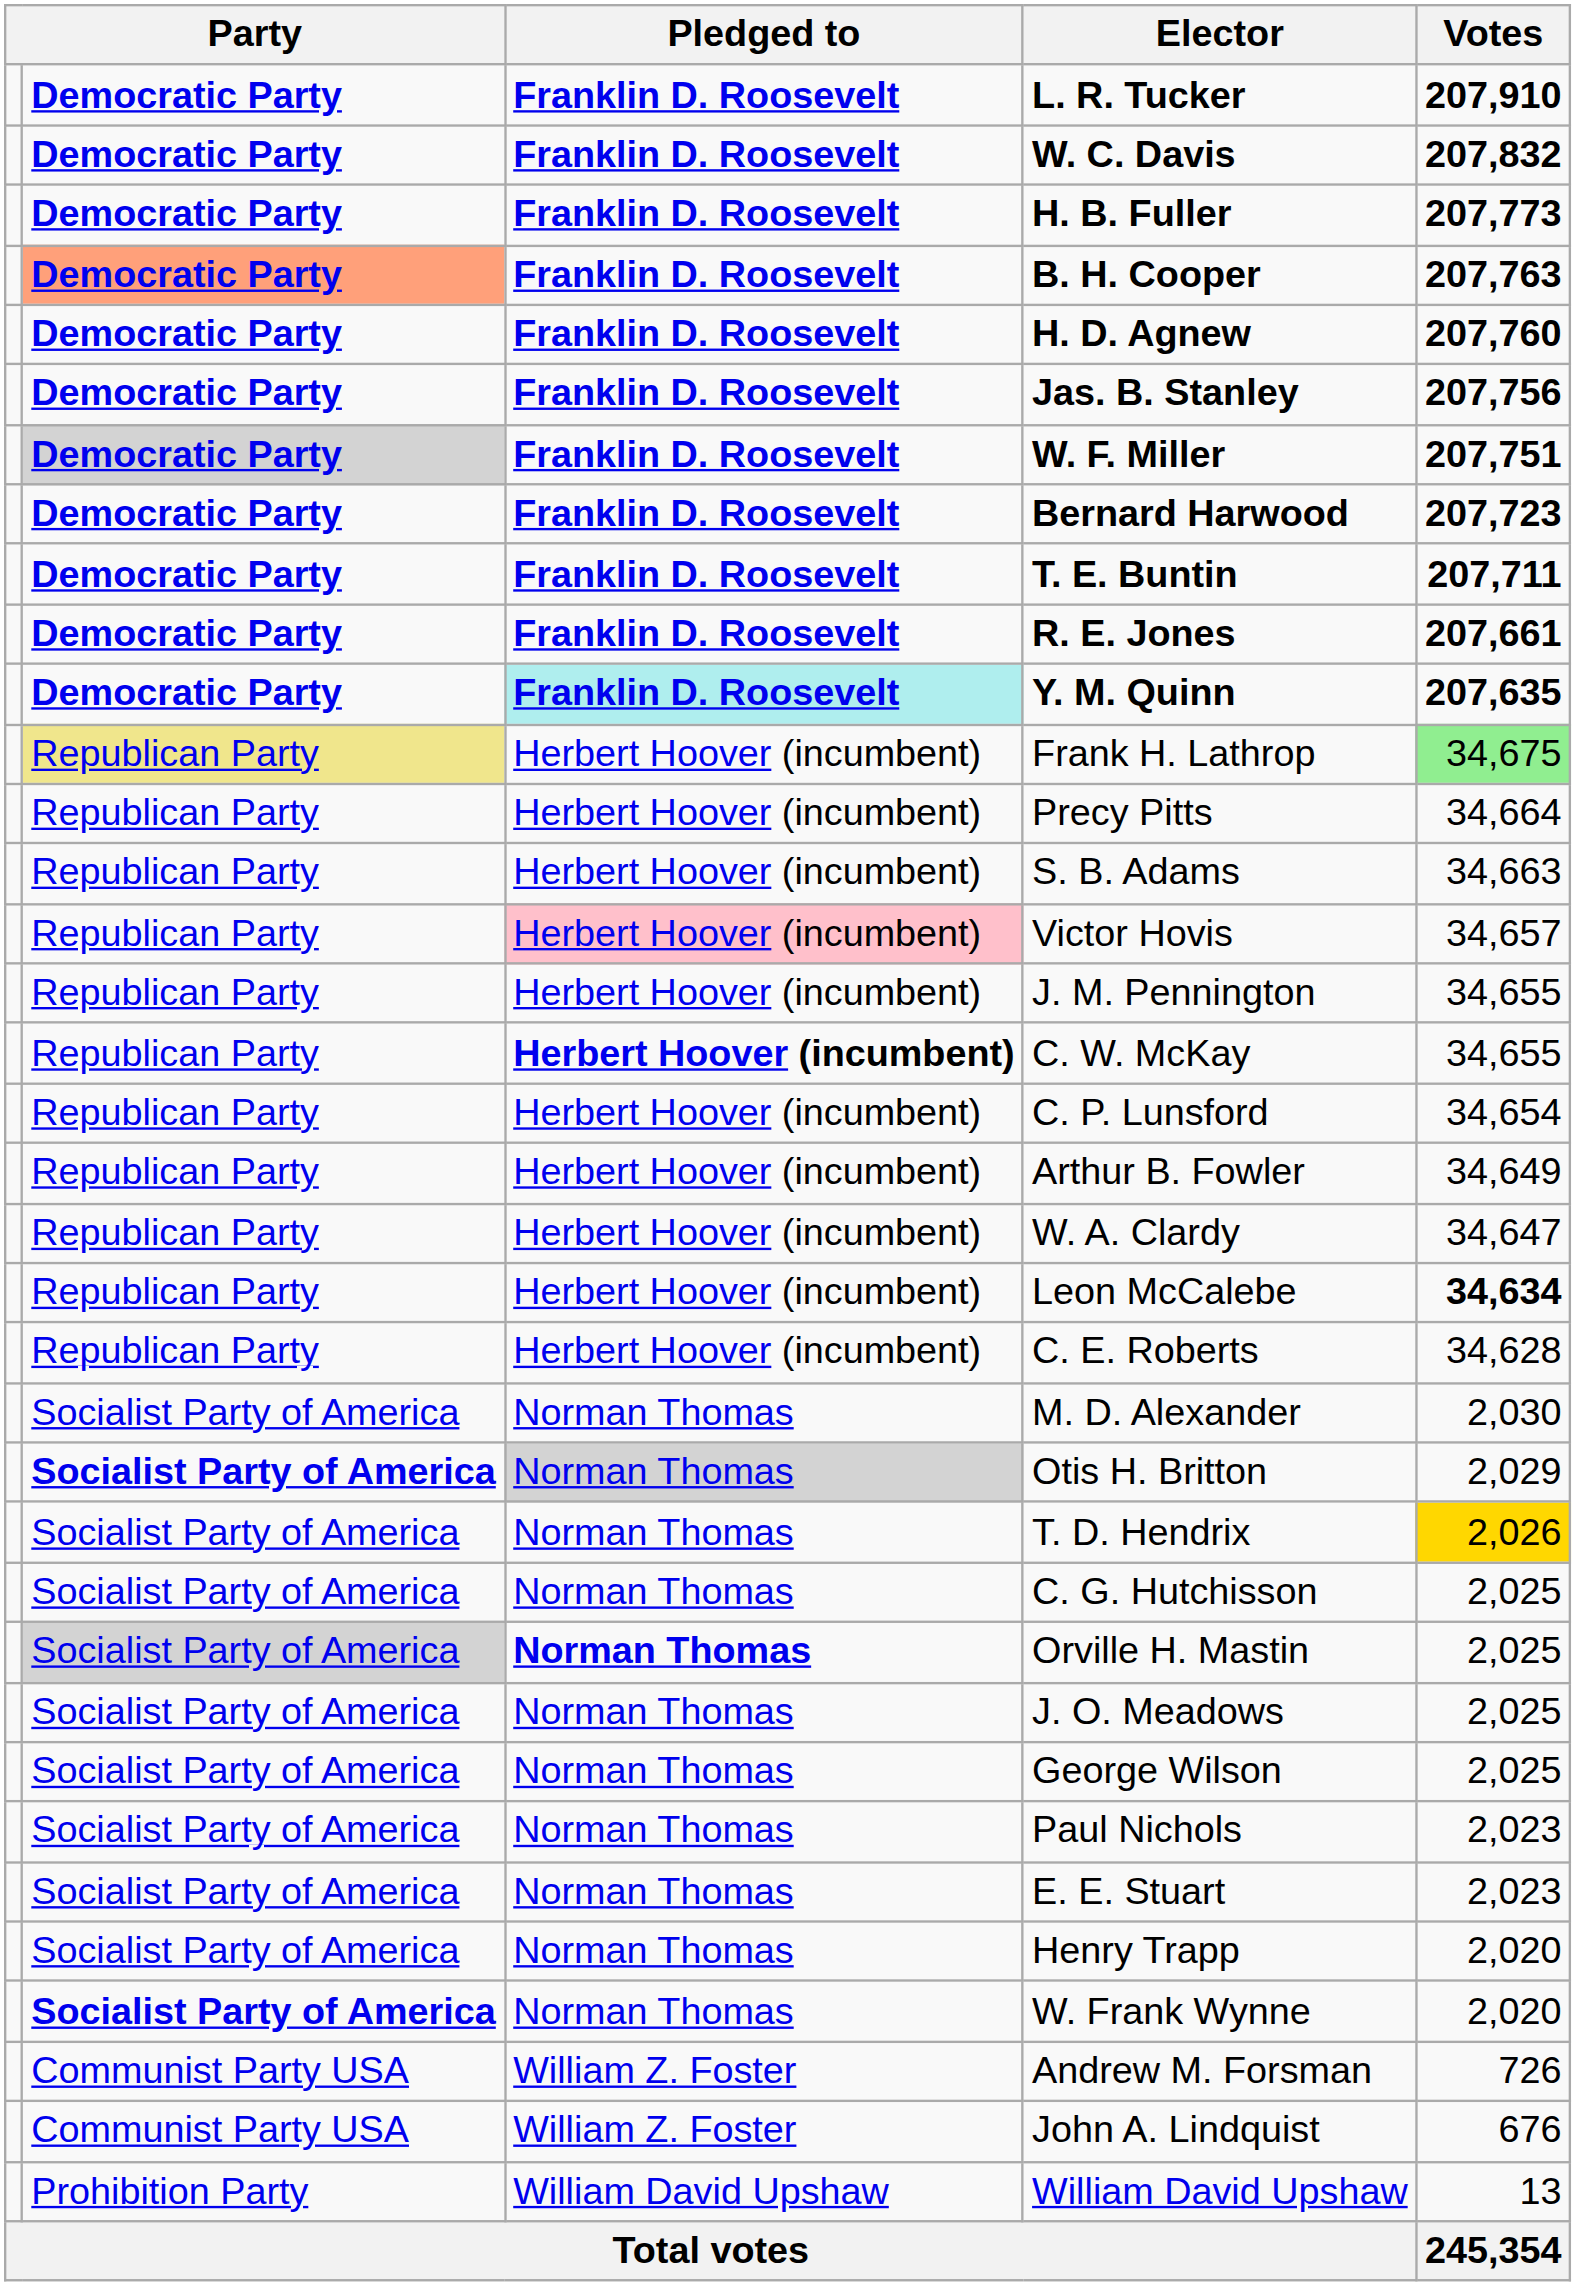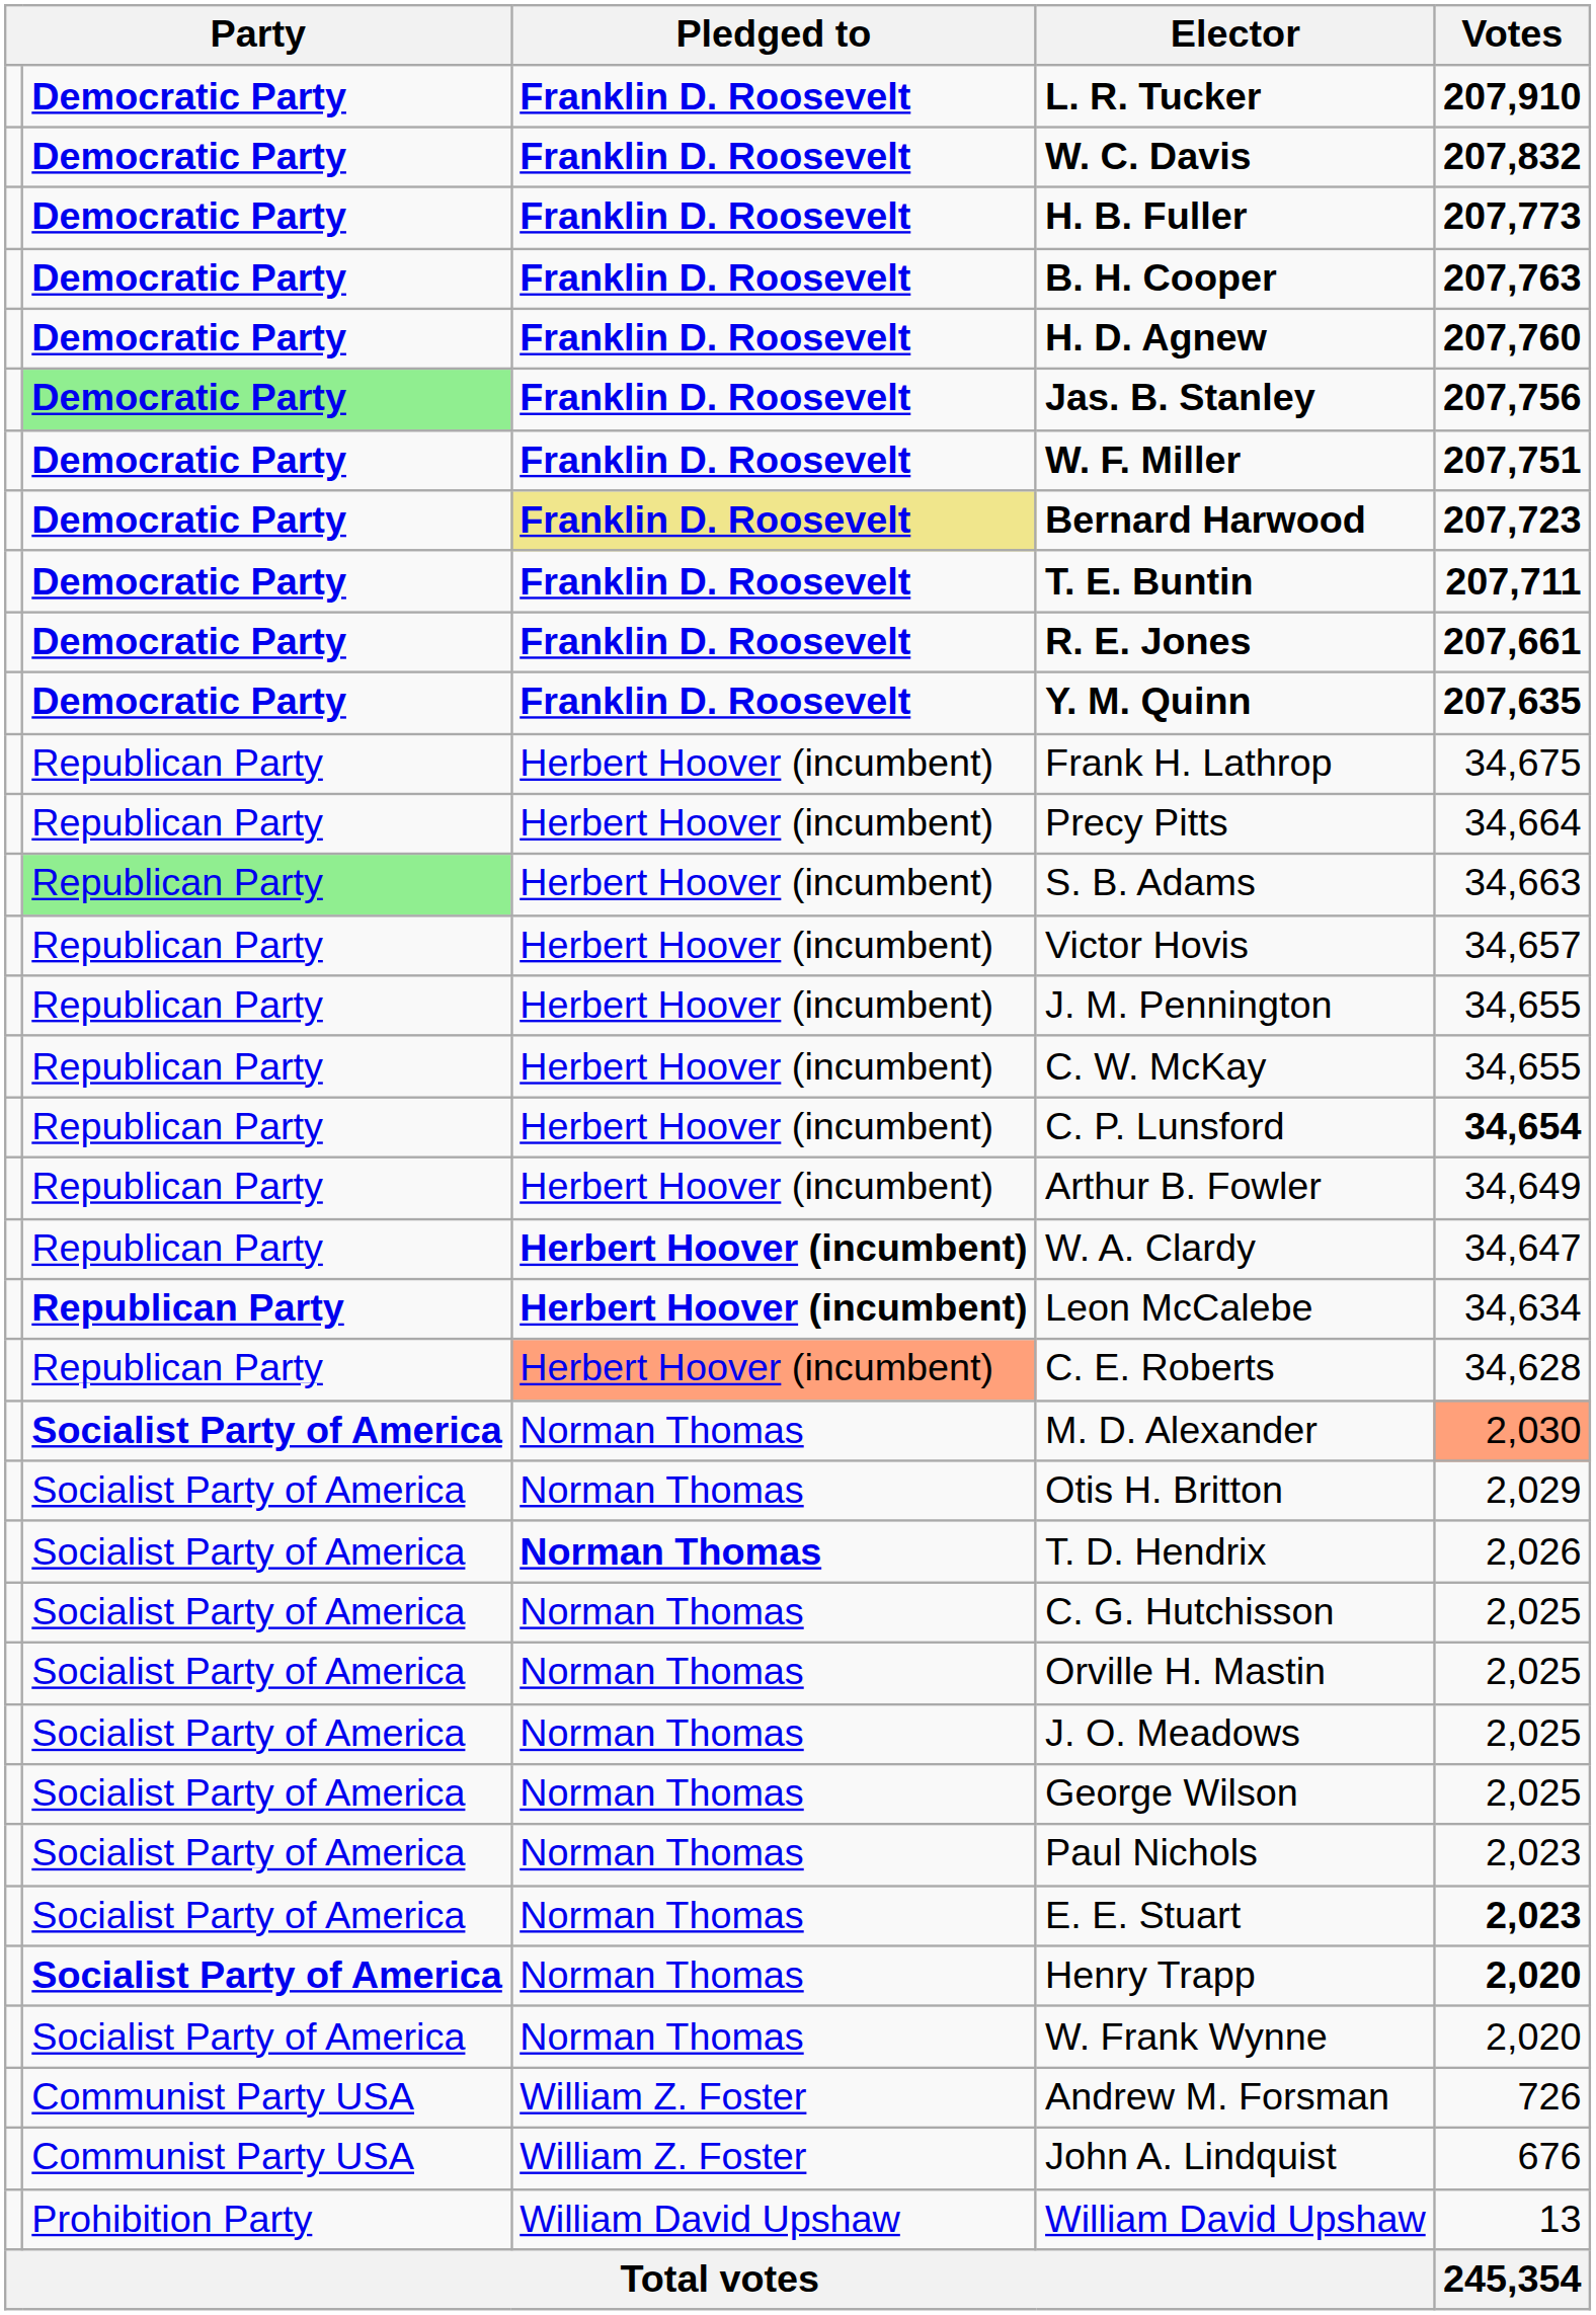 <table class="wikitable">
 <tr>
 <th colspan=2>Party</th>
 <th>Pledged to</th>
 <th>Elector</th>
 <th>Votes</th>
 </tr>
 <tr style="font-weight:bold">
 <td bgcolor=></td>
 <td><a href='#'>Democratic Party</a></td>
 <td><a href='#'>Franklin D. Roosevelt</a></td>
 <td>L. R. Tucker</td>
 <td align=right>207,910</td>
 </tr>
 <tr style="font-weight:bold">
 <td bgcolor=></td>
 <td><a href='#'>Democratic Party</a></td>
 <td><a href='#'>Franklin D. Roosevelt</a></td>
 <td>W. C. Davis</td>
 <td align=right>207,832</td>
 </tr>
 <tr style="font-weight:bold">
 <td bgcolor=></td>
 <td><a href='#'>Democratic Party</a></td>
 <td><a href='#'>Franklin D. Roosevelt</a></td>
 <td>H. B. Fuller</td>
 <td align=right>207,773</td>
 </tr>
 <tr style="font-weight:bold">
 <td bgcolor=></td>
-<td style="background: lightsalmon;"><a href='#'>Democratic Party</a></td>
+<td><a href='#'>Democratic Party</a></td>
 <td><a href='#'>Franklin D. Roosevelt</a></td>
 <td>B. H. Cooper</td>
 <td align=right>207,763</td>
 </tr>
 <tr style="font-weight:bold">
 <td bgcolor=></td>
 <td><a href='#'>Democratic Party</a></td>
 <td><a href='#'>Franklin D. Roosevelt</a></td>
 <td>H. D. Agnew</td>
 <td align=right>207,760</td>
 </tr>
 <tr style="font-weight:bold">
 <td bgcolor=></td>
-<td><a href='#'>Democratic Party</a></td>
+<td style="background: lightgreen;"><a href='#'>Democratic Party</a></td>
 <td><a href='#'>Franklin D. Roosevelt</a></td>
 <td>Jas. B. Stanley</td>
 <td align=right>207,756</td>
 </tr>
 <tr style="font-weight:bold">
 <td bgcolor=></td>
-<td style="background: lightgrey;"><a href='#'>Democratic Party</a></td>
+<td><a href='#'>Democratic Party</a></td>
 <td><a href='#'>Franklin D. Roosevelt</a></td>
 <td>W. F. Miller</td>
 <td align=right>207,751</td>
 </tr>
 <tr style="font-weight:bold">
 <td bgcolor=></td>
 <td><a href='#'>Democratic Party</a></td>
-<td><a href='#'>Franklin D. Roosevelt</a></td>
+<td style="background: khaki;"><a href='#'>Franklin D. Roosevelt</a></td>
 <td>Bernard Harwood</td>
 <td align=right>207,723</td>
 </tr>
 <tr style="font-weight:bold">
 <td bgcolor=></td>
 <td><a href='#'>Democratic Party</a></td>
 <td><a href='#'>Franklin D. Roosevelt</a></td>
 <td>T. E. Buntin</td>
 <td align=right>207,711</td>
 </tr>
 <tr style="font-weight:bold">
 <td bgcolor=></td>
 <td><a href='#'>Democratic Party</a></td>
 <td><a href='#'>Franklin D. Roosevelt</a></td>
 <td>R. E. Jones</td>
 <td align=right>207,661</td>
 </tr>
 <tr style="font-weight:bold">
 <td bgcolor=></td>
 <td><a href='#'>Democratic Party</a></td>
-<td style="background: paleturquoise;"><a href='#'>Franklin D. Roosevelt</a></td>
+<td><a href='#'>Franklin D. Roosevelt</a></td>
 <td>Y. M. Quinn</td>
 <td align=right>207,635</td>
 </tr>
 <tr>
 <td bgcolor=></td>
-<td style="background: khaki;"><a href='#'>Republican Party</a></td>
+<td><a href='#'>Republican Party</a></td>
 <td><a href='#'>Herbert Hoover</a> (incumbent)</td>
 <td>Frank H. Lathrop</td>
-<td align=right style="background: lightgreen;">34,675</td>
+<td align=right>34,675</td>
 </tr>
 <tr>
 <td bgcolor=></td>
 <td><a href='#'>Republican Party</a></td>
 <td><a href='#'>Herbert Hoover</a> (incumbent)</td>
 <td>Precy Pitts</td>
 <td align=right>34,664</td>
 </tr>
 <tr>
 <td bgcolor=></td>
-<td><a href='#'>Republican Party</a></td>
+<td style="background: lightgreen;"><a href='#'>Republican Party</a></td>
 <td><a href='#'>Herbert Hoover</a> (incumbent)</td>
 <td>S. B. Adams</td>
 <td align=right>34,663</td>
 </tr>
 <tr>
 <td bgcolor=></td>
 <td><a href='#'>Republican Party</a></td>
-<td style="background: pink;"><a href='#'>Herbert Hoover</a> (incumbent)</td>
+<td><a href='#'>Herbert Hoover</a> (incumbent)</td>
 <td>Victor Hovis</td>
 <td align=right>34,657</td>
 </tr>
 <tr>
 <td bgcolor=></td>
 <td><a href='#'>Republican Party</a></td>
 <td><a href='#'>Herbert Hoover</a> (incumbent)</td>
 <td>J. M. Pennington</td>
 <td align=right>34,655</td>
 </tr>
 <tr>
 <td bgcolor=></td>
 <td><a href='#'>Republican Party</a></td>
-<td><strong><a href='#'>Herbert Hoover</a> (incumbent)</strong></td>
+<td><a href='#'>Herbert Hoover</a> (incumbent)</td>
 <td>C. W. McKay</td>
 <td align=right>34,655</td>
 </tr>
 <tr>
 <td bgcolor=></td>
 <td><a href='#'>Republican Party</a></td>
 <td><a href='#'>Herbert Hoover</a> (incumbent)</td>
 <td>C. P. Lunsford</td>
-<td align=right>34,654</td>
+<td align=right><strong>34,654</strong></td>
 </tr>
 <tr>
 <td bgcolor=></td>
 <td><a href='#'>Republican Party</a></td>
 <td><a href='#'>Herbert Hoover</a> (incumbent)</td>
 <td>Arthur B. Fowler</td>
 <td align=right>34,649</td>
 </tr>
 <tr>
 <td bgcolor=></td>
 <td><a href='#'>Republican Party</a></td>
-<td><a href='#'>Herbert Hoover</a> (incumbent)</td>
+<td><strong><a href='#'>Herbert Hoover</a> (incumbent)</strong></td>
 <td>W. A. Clardy</td>
 <td align=right>34,647</td>
 </tr>
 <tr>
 <td bgcolor=></td>
-<td><a href='#'>Republican Party</a></td>
-<td><a href='#'>Herbert Hoover</a> (incumbent)</td>
+<td><strong><a href='#'>Republican Party</a></strong></td>
+<td><strong><a href='#'>Herbert Hoover</a> (incumbent)</strong></td>
 <td>Leon McCalebe</td>
-<td align=right><strong>34,634</strong></td>
+<td align=right>34,634</td>
 </tr>
 <tr>
 <td bgcolor=></td>
 <td><a href='#'>Republican Party</a></td>
-<td><a href='#'>Herbert Hoover</a> (incumbent)</td>
+<td style="background: lightsalmon;"><a href='#'>Herbert Hoover</a> (incumbent)</td>
 <td>C. E. Roberts</td>
 <td align=right>34,628</td>
 </tr>
 <tr>
 <td bgcolor=></td>
-<td><a href='#'>Socialist Party of America</a></td>
+<td><strong><a href='#'>Socialist Party of America</a></strong></td>
 <td><a href='#'>Norman Thomas</a></td>
 <td>M. D. Alexander</td>
-<td align=right>2,030</td>
+<td align=right style="background: lightsalmon;">2,030</td>
 </tr>
 <tr>
 <td bgcolor=></td>
-<td><strong><a href='#'>Socialist Party of America</a></strong></td>
-<td style="background: lightgrey;"><a href='#'>Norman Thomas</a></td>
+<td><a href='#'>Socialist Party of America</a></td>
+<td><a href='#'>Norman Thomas</a></td>
 <td>Otis H. Britton</td>
 <td align=right>2,029</td>
 </tr>
 <tr>
 <td bgcolor=></td>
 <td><a href='#'>Socialist Party of America</a></td>
-<td><a href='#'>Norman Thomas</a></td>
+<td><strong><a href='#'>Norman Thomas</a></strong></td>
 <td>T. D. Hendrix</td>
-<td align=right style="background: gold;">2,026</td>
+<td align=right>2,026</td>
 </tr>
 <tr>
 <td bgcolor=></td>
 <td><a href='#'>Socialist Party of America</a></td>
 <td><a href='#'>Norman Thomas</a></td>
 <td>C. G. Hutchisson</td>
 <td align=right>2,025</td>
 </tr>
 <tr>
 <td bgcolor=></td>
-<td style="background: lightgrey;"><a href='#'>Socialist Party of America</a></td>
-<td><strong><a href='#'>Norman Thomas</a></strong></td>
+<td><a href='#'>Socialist Party of America</a></td>
+<td><a href='#'>Norman Thomas</a></td>
 <td>Orville H. Mastin</td>
 <td align=right>2,025</td>
 </tr>
 <tr>
 <td bgcolor=></td>
 <td><a href='#'>Socialist Party of America</a></td>
 <td><a href='#'>Norman Thomas</a></td>
 <td>J. O. Meadows</td>
 <td align=right>2,025</td>
 </tr>
 <tr>
 <td bgcolor=></td>
 <td><a href='#'>Socialist Party of America</a></td>
 <td><a href='#'>Norman Thomas</a></td>
 <td>George Wilson</td>
 <td align=right>2,025</td>
 </tr>
 <tr>
 <td bgcolor=></td>
 <td><a href='#'>Socialist Party of America</a></td>
 <td><a href='#'>Norman Thomas</a></td>
 <td>Paul Nichols</td>
 <td align=right>2,023</td>
 </tr>
 <tr>
 <td bgcolor=></td>
 <td><a href='#'>Socialist Party of America</a></td>
 <td><a href='#'>Norman Thomas</a></td>
 <td>E. E. Stuart</td>
-<td align=right>2,023</td>
+<td align=right><strong>2,023</strong></td>
+</tr>
+<tr>
+<td bgcolor=></td>
+<td><strong><a href='#'>Socialist Party of America</a></strong></td>
+<td><a href='#'>Norman Thomas</a></td>
+<td>Henry Trapp</td>
+<td align=right><strong>2,020</strong></td>
 </tr>
 <tr>
 <td bgcolor=></td>
 <td><a href='#'>Socialist Party of America</a></td>
-<td><a href='#'>Norman Thomas</a></td>
-<td>Henry Trapp</td>
-<td align=right>2,020</td>
-</tr>
-<tr>
-<td bgcolor=></td>
-<td><strong><a href='#'>Socialist Party of America</a></strong></td>
 <td><a href='#'>Norman Thomas</a></td>
 <td>W. Frank Wynne</td>
 <td align=right>2,020</td>
 </tr>
 <tr>
 <td bgcolor=></td>
 <td><a href='#'>Communist Party USA</a></td>
 <td><a href='#'>William Z. Foster</a></td>
 <td>Andrew M. Forsman</td>
 <td align=right>726</td>
 </tr>
 <tr>
 <td bgcolor=></td>
 <td><a href='#'>Communist Party USA</a></td>
 <td><a href='#'>William Z. Foster</a></td>
 <td>John A. Lindquist</td>
 <td align=right>676</td>
 </tr>
 <tr>
 <td bgcolor=></td>
 <td><a href='#'>Prohibition Party</a></td>
 <td><a href='#'>William David Upshaw</a></td>
 <td><a href='#'>William David Upshaw</a></td>
 <td align=right>13</td>
 </tr>
 <tr>
 <th colspan=4>Total votes</th>
 <th>245,354</th>
 </tr>
 </table>
